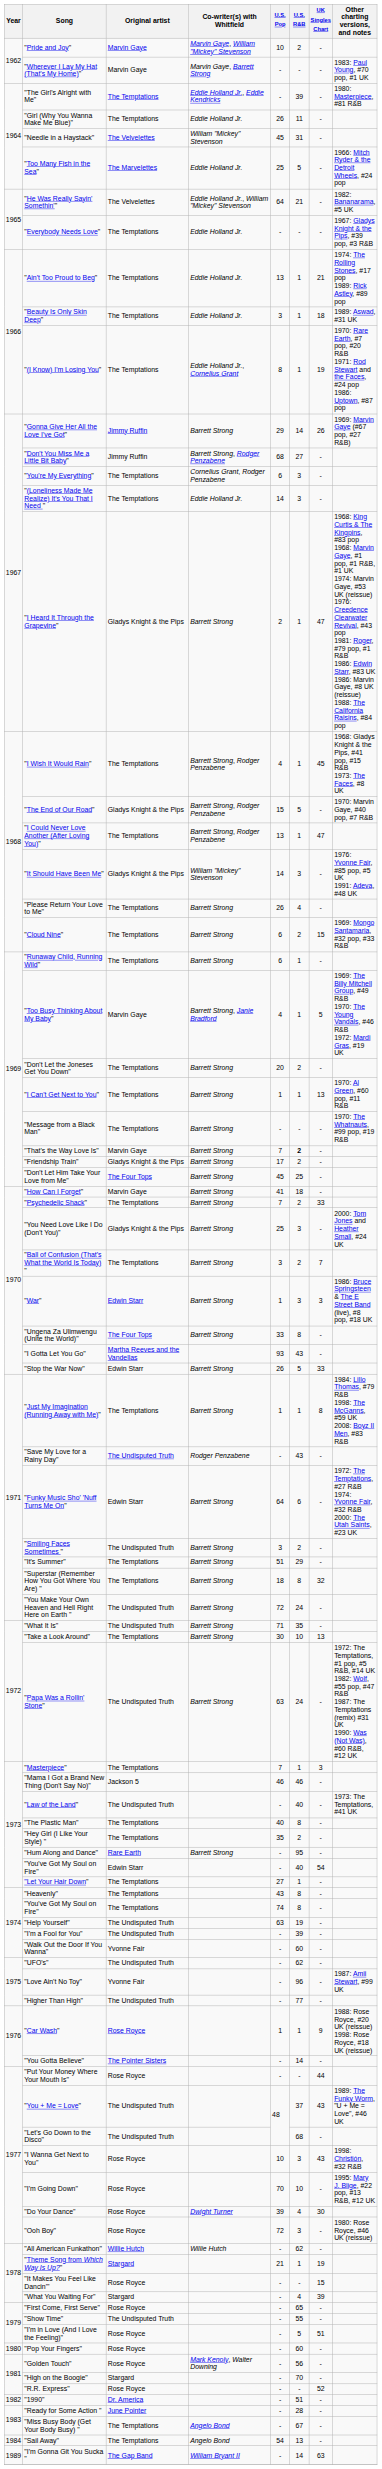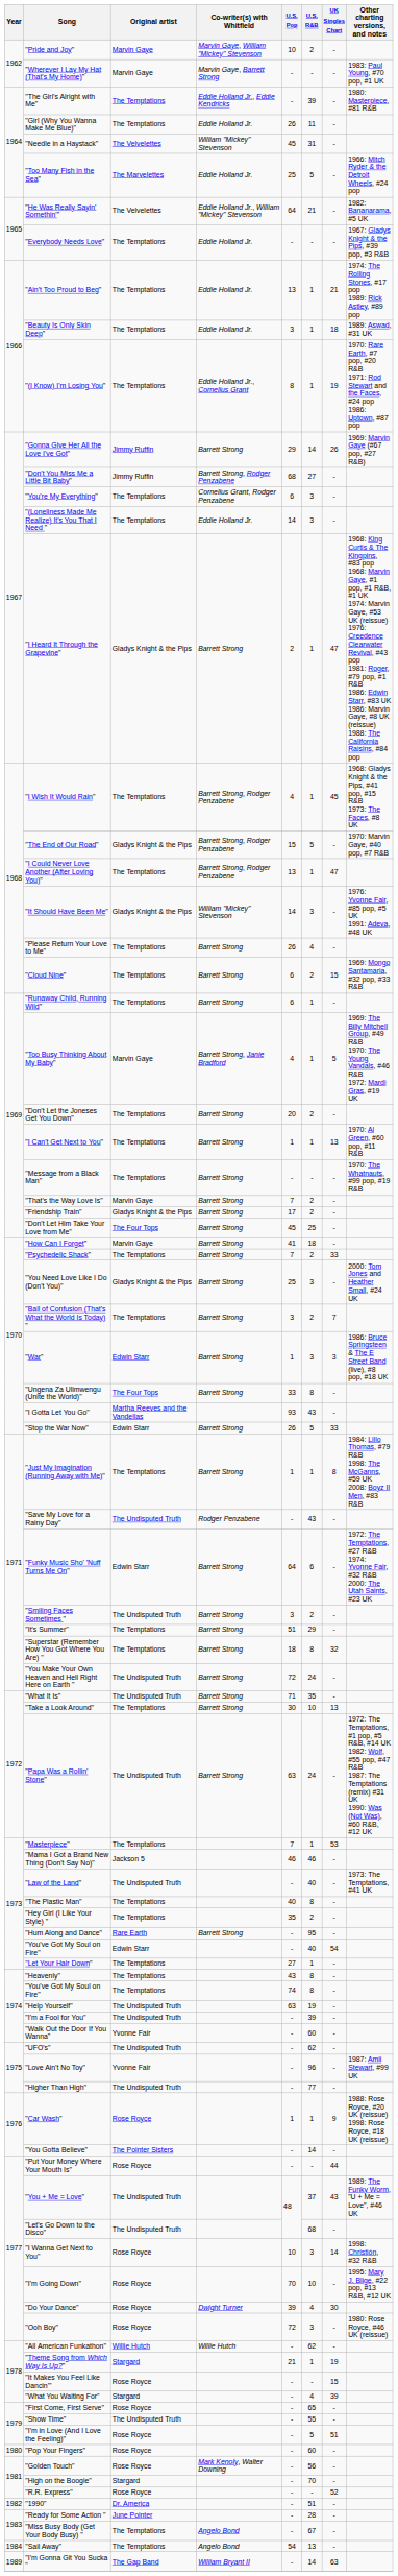 <table class="wikitable">
 <tr>
 <th>Year</th>
 <th width="210">Song</th>
 <th width="210">Original artist</th>
 <th width="210">Co-writer(s) with Whitfield</th>
 <th width="40"><sup><a href='#'>U.S. Pop</a></sup></th>
 <th width="40"><sup><a href='#'>U.S. R&B</a></sup></th>
 <th width="40"><sup><a href='#'>UK Singles Chart</a></sup></th>
 <th>Other charting versions, and notes</th>
 </tr>
 <tr>
 <td rowspan="2">1962</td>
 <td>"<a href='#'>Pride and Joy</a>"</td>
 <td><a href='#'>Marvin Gaye</a></td>
 <td><em><a href='#'>Marvin Gaye</a></em>, <em><a href='#'>William "Mickey" Stevenson</a></em></td>
 <td align="center">10</td>
 <td align="center">2</td>
 <td align="center">-</td>
 <td></td>
 </tr>
 <tr>
 <td>"<a href='#'>Wherever I Lay My Hat (That's My Home)</a>"</td>
 <td>Marvin Gaye</td>
 <td><em>Marvin Gaye</em>, <em><a href='#'>Barrett Strong</a></em></td>
 <td align="center">-</td>
 <td align="center">-</td>
 <td align="center">-</td>
 <td>1983: <a href='#'>Paul Young</a>, #70 pop, #1 UK</td>
 </tr>
 <tr>
 <td rowspan="4">1964</td>
 <td>"The Girl's Alright with Me"</td>
 <td><a href='#'>The Temptations</a></td>
 <td><em><a href='#'>Eddie Holland Jr.</a></em>, <em><a href='#'>Eddie Kendricks</a></em></td>
 <td align="center">-</td>
 <td align="center">39</td>
 <td align="center">-</td>
 <td>1980: <a href='#'>Masterpiece</a>, #81 R&B</td>
 </tr>
 <tr>
 <td>"Girl (Why You Wanna Make Me Blue)"</td>
 <td>The Temptations</td>
 <td><em>Eddie Holland Jr.</em></td>
 <td align="center">26</td>
 <td align="center">11</td>
 <td align="center">-</td>
 <td></td>
 </tr>
 <tr>
 <td>"Needle in a Haystack"</td>
 <td><a href='#'>The Velvelettes</a></td>
 <td><em>William "Mickey" Stevenson</em></td>
 <td align="center">45</td>
 <td align="center">31</td>
 <td align="center">-</td>
 <td></td>
 </tr>
 <tr>
 <td>"<a href='#'>Too Many Fish in the Sea</a>"</td>
 <td><a href='#'>The Marvelettes</a></td>
 <td><em>Eddie Holland Jr.</em></td>
 <td align="center">25</td>
 <td align="center">5</td>
 <td align="center">-</td>
 <td>1966: <a href='#'>Mitch Ryder & the Detroit Wheels</a>, #24 pop</td>
 </tr>
 <tr>
 <td rowspan="2">1965</td>
 <td>"<a href='#'>He Was Really Sayin' Somethin'</a>"</td>
 <td>The Velvelettes</td>
 <td><em>Eddie Holland Jr.</em>, <em>William "Mickey" Stevenson</em></td>
 <td align="center">64</td>
 <td align="center">21</td>
 <td align="center">-</td>
 <td>1982: <a href='#'>Bananarama</a>, #5 UK</td>
 </tr>
 <tr>
 <td>"<a href='#'>Everybody Needs Love</a>"</td>
 <td>The Temptations</td>
 <td><em>Eddie Holland Jr.</em></td>
 <td align="center">-</td>
 <td align="center">-</td>
 <td align="center">-</td>
 <td>1967: <a href='#'>Gladys Knight & the Pips</a>, #39 pop, #3 R&B</td>
 </tr>
 <tr>
 <td rowspan="3">1966</td>
 <td>"<a href='#'>Ain't Too Proud to Beg</a>"</td>
 <td>The Temptations</td>
 <td><em>Eddie Holland Jr.</em></td>
 <td align="center">13</td>
 <td align="center">1</td>
 <td align="center">21</td>
 <td>1974: <a href='#'>The Rolling Stones</a>, #17 pop<br>1989: <a href='#'>Rick Astley</a>, #89 pop</td>
 </tr>
 <tr>
 <td>"<a href='#'>Beauty Is Only Skin Deep</a>"</td>
 <td>The Temptations</td>
 <td><em>Eddie Holland Jr.</em></td>
 <td align="center">3</td>
 <td align="center">1</td>
 <td align="center">18</td>
 <td>1989: <a href='#'>Aswad</a>, #31 UK</td>
 </tr>
 <tr>
 <td>"<a href='#'>(I Know) I'm Losing You</a>"</td>
 <td>The Temptations</td>
 <td><em>Eddie Holland Jr.</em>, <em><a href='#'>Cornelius Grant</a></em></td>
 <td align="center">8</td>
 <td align="center">1</td>
 <td align="center">19</td>
 <td>1970: <a href='#'>Rare Earth</a>, #7 pop, #20 R&B<br>1971: <a href='#'>Rod Stewart</a> and <a href='#'>the Faces</a>, #24 pop<br>1986: <a href='#'>Uptown</a>, #87 pop</td>
 </tr>
 <tr>
 <td rowspan="5">1967</td>
 <td>"<a href='#'>Gonna Give Her All the Love I've Got</a>"</td>
 <td><a href='#'>Jimmy Ruffin</a></td>
 <td><em>Barrett Strong</em></td>
 <td align="center">29</td>
 <td align="center">14</td>
 <td align="center">26</td>
 <td>1969: <a href='#'>Marvin Gaye</a> (#67 pop, #27 R&B)</td>
 </tr>
 <tr>
 <td>"<a href='#'>Don't You Miss Me a Little Bit Baby</a>"</td>
 <td>Jimmy Ruffin</td>
 <td><em>Barrett Strong</em>, <em><a href='#'>Rodger Penzabene</a></em></td>
 <td align="center">68</td>
 <td align="center">27</td>
 <td align="center">-</td>
 <td></td>
 </tr>
 <tr>
 <td>"<a href='#'>You're My Everything</a>"</td>
 <td>The Temptations</td>
 <td><em>Cornelius Grant</em>, <em>Rodger Penzabene</em></td>
 <td align="center">6</td>
 <td align="center">3</td>
 <td align="center">-</td>
 <td></td>
 </tr>
 <tr>
 <td>"<a href='#'>(Loneliness Made Me Realize) It's You That I Need </a>"</td>
 <td>The Temptations</td>
 <td><em>Eddie Holland Jr.</em></td>
 <td align="center">14</td>
 <td align="center">3</td>
 <td align="center">-</td>
 <td></td>
 </tr>
 <tr>
 <td>"<a href='#'>I Heard It Through the Grapevine</a>"</td>
 <td>Gladys Knight & the Pips</td>
 <td><em>Barrett Strong</em></td>
 <td align="center">2</td>
 <td align="center">1</td>
 <td align="center">47</td>
 <td>1968: <a href='#'>King Curtis & The Kingpins</a>, #83 pop<br>1968: <a href='#'>Marvin Gaye</a>, #1 pop, #1 R&B, #1 UK<br>1974: Marvin Gaye, #53 UK (reissue)<br>1976: <a href='#'>Creedence Clearwater Revival</a>, #43 pop<br>1981: <a href='#'>Roger</a>, #79 pop, #1 R&B<br>1986: <a href='#'>Edwin Starr</a>, #83 UK<br>1986: Marvin Gaye, #8 UK (reissue)<br>1988: <a href='#'>The California Raisins</a>, #84 pop</td>
 </tr>
 <tr>
 <td rowspan="6">1968</td>
 <td>"<a href='#'>I Wish It Would Rain</a>"</td>
 <td>The Temptations</td>
 <td><em>Barrett Strong</em>, <em>Rodger Penzabene</em></td>
 <td align="center">4</td>
 <td align="center">1</td>
 <td align="center">45</td>
 <td>1968: Gladys Knight & the Pips, #41 pop, #15 R&B<br>1973: <a href='#'>The Faces</a>, #8 UK</td>
 </tr>
 <tr>
 <td>"<a href='#'>The End of Our Road</a>"</td>
 <td>Gladys Knight & the Pips</td>
 <td><em>Barrett Strong</em>, <em>Rodger Penzabene</em></td>
 <td align="center">15</td>
 <td align="center">5</td>
 <td align="center">-</td>
 <td>1970: Marvin Gaye, #40 pop, #7 R&B</td>
 </tr>
 <tr>
 <td>"<a href='#'>I Could Never Love Another (After Loving You)</a>"</td>
 <td>The Temptations</td>
 <td><em>Barrett Strong</em>, <em>Rodger Penzabene</em></td>
 <td align="center">13</td>
 <td align="center">1</td>
 <td align="center">47</td>
 <td></td>
 </tr>
 <tr>
 <td>"<a href='#'>It Should Have Been Me</a>"</td>
 <td>Gladys Knight & the Pips</td>
 <td><em>William "Mickey" Stevenson</em></td>
 <td align="center">14</td>
 <td align="center">3</td>
 <td align="center">-</td>
 <td>1976: <a href='#'>Yvonne Fair</a>, #85 pop, #5 UK<br>1991: <a href='#'>Adeva</a>, #48 UK</td>
 </tr>
 <tr>
 <td>"Please Return Your Love to Me"</td>
 <td>The Temptations</td>
 <td><em>Barrett Strong</em></td>
 <td align="center">26</td>
 <td align="center">4</td>
 <td align="center">-</td>
 <td></td>
 </tr>
 <tr>
 <td>"<a href='#'>Cloud Nine</a>"</td>
 <td>The Temptations</td>
 <td><em>Barrett Strong</em></td>
 <td align="center">6</td>
 <td align="center">2</td>
 <td align="center">15</td>
 <td>1969: <a href='#'>Mongo Santamaria</a>, #32 pop, #33 R&B</td>
 </tr>
 <tr>
 <td rowspan="8">1969</td>
 <td>"<a href='#'>Runaway Child, Running Wild</a>"</td>
 <td>The Temptations</td>
 <td><em>Barrett Strong</em></td>
 <td align="center">6</td>
 <td align="center">1</td>
 <td align="center">-</td>
 <td></td>
 </tr>
 <tr>
 <td>"<a href='#'>Too Busy Thinking About My Baby</a>"</td>
 <td>Marvin Gaye</td>
 <td><em>Barrett Strong</em>, <em><a href='#'>Janie Bradford</a></em></td>
 <td align="center">4</td>
 <td align="center">1</td>
 <td align="center">5</td>
 <td>1969: <a href='#'>The Billy Mitchell Group</a>, #49 R&B<br>1970: <a href='#'>The Young Vandals</a>, #46 R&B<br>1972: <a href='#'>Mardi Gras</a>, #19 UK</td>
 </tr>
 <tr>
 <td>"Don't Let the Joneses Get You Down"</td>
 <td>The Temptations</td>
 <td><em>Barrett Strong</em></td>
 <td align="center">20</td>
 <td align="center">2</td>
 <td align="center">-</td>
 <td></td>
 </tr>
 <tr>
 <td>"<a href='#'>I Can't Get Next to You</a>"</td>
 <td>The Temptations</td>
 <td><em>Barrett Strong</em></td>
 <td align="center">1</td>
 <td align="center">1</td>
 <td align="center">13</td>
 <td>1970: <a href='#'>Al Green</a>, #60 pop, #11 R&B</td>
 </tr>
 <tr>
 <td>"Message from a Black Man"</td>
 <td>The Temptations</td>
 <td><em>Barrett Strong</em></td>
 <td align="center">-</td>
 <td align="center">-</td>
 <td align="center">-</td>
 <td>1970: <a href='#'>The Whatnauts</a>, #99 pop, #19 R&B</td>
 </tr>
 <tr>
 <td>"That's the Way Love Is"</td>
 <td>Marvin Gaye</td>
 <td><em>Barrett Strong</em></td>
 <td align="center">7</td>
-<td align="center"><strong>2</strong></td>
+<td align="center">2</td>
 <td align="center">-</td>
 <td></td>
 </tr>
 <tr>
 <td>"Friendship Train"</td>
 <td>Gladys Knight & the Pips</td>
 <td><em>Barrett Strong</em></td>
 <td align="center">17</td>
 <td align="center">2</td>
 <td align="center">-</td>
 <td></td>
 </tr>
 <tr>
 <td>"Don't Let Him Take Your Love from Me"</td>
 <td><a href='#'>The Four Tops</a></td>
 <td><em>Barrett Strong</em></td>
 <td align="center">45</td>
 <td align="center">25</td>
 <td align="center">-</td>
 <td></td>
 </tr>
 <tr>
 <td rowspan="8">1970</td>
 <td>"<a href='#'>How Can I Forget</a>"</td>
 <td>Marvin Gaye</td>
 <td><em>Barrett Strong</em></td>
 <td align="center">41</td>
 <td align="center">18</td>
 <td align="center">-</td>
 <td></td>
 </tr>
 <tr>
 <td>"<a href='#'>Psychedelic Shack</a>"</td>
 <td>The Temptations</td>
 <td><em>Barrett Strong</em></td>
 <td align="center">7</td>
 <td align="center">2</td>
 <td align="center">33</td>
 <td></td>
 </tr>
 <tr>
 <td>"You Need Love Like I Do (Don't You)"</td>
 <td>Gladys Knight & the Pips</td>
 <td><em>Barrett Strong</em></td>
 <td align="center">25</td>
 <td align="center">3</td>
 <td align="center">-</td>
 <td>2000: <a href='#'>Tom Jones</a> and <a href='#'>Heather Small</a>, #24 UK</td>
 </tr>
 <tr>
 <td>"<a href='#'>Ball of Confusion (That's What the World Is Today) </a>"</td>
 <td>The Temptations</td>
 <td><em>Barrett Strong</em></td>
 <td align="center">3</td>
 <td align="center">2</td>
 <td align="center">7</td>
 <td></td>
 </tr>
 <tr>
 <td>"<a href='#'>War</a>"</td>
 <td><a href='#'>Edwin Starr</a></td>
 <td><em>Barrett Strong</em></td>
 <td align="center">1</td>
 <td align="center">3</td>
 <td align="center">3</td>
 <td>1986: <a href='#'>Bruce Springsteen</a> & <a href='#'>The E Street Band</a> (live), #8 pop, #18 UK</td>
 </tr>
 <tr>
 <td>"Ungena Za Ulimwengu (Unite the World)"</td>
 <td><a href='#'>The Four Tops</a></td>
 <td><em>Barrett Strong</em></td>
 <td align="center">33</td>
 <td align="center">8</td>
 <td align="center">-</td>
 <td></td>
 </tr>
 <tr>
 <td>"I Gotta Let You Go"</td>
 <td><a href='#'>Martha Reeves and the Vandellas</a></td>
 <td></td>
 <td align="center">93</td>
 <td align="center">43</td>
 <td align="center">-</td>
 <td></td>
 </tr>
 <tr>
 <td>"Stop the War Now"</td>
 <td>Edwin Starr</td>
 <td><em>Barrett Strong</em></td>
 <td align="center">26</td>
 <td align="center">5</td>
 <td align="center">33</td>
 <td></td>
 </tr>
 <tr>
 <td rowspan="7">1971</td>
 <td>"<a href='#'>Just My Imagination (Running Away with Me)</a>"</td>
 <td>The Temptations</td>
 <td><em>Barrett Strong</em></td>
 <td align="center">1</td>
 <td align="center">1</td>
 <td align="center">8</td>
 <td>1984: <a href='#'>Lillo Thomas</a>, #79 R&B<br>1998: <a href='#'>The McGanns</a>, #59 UK<br>2008: <a href='#'>Boyz II Men</a>, #83 R&B</td>
 </tr>
 <tr>
 <td>"Save My Love for a Rainy Day"</td>
 <td><a href='#'>The Undisputed Truth</a></td>
 <td><em>Rodger Penzabene</em></td>
 <td align="center">-</td>
 <td align="center">43</td>
 <td align="center">-</td>
 <td></td>
 </tr>
 <tr>
 <td>"<a href='#'>Funky Music Sho' 'Nuff Turns Me On</a>"</td>
 <td>Edwin Starr</td>
 <td><em>Barrett Strong</em></td>
 <td align="center">64</td>
 <td align="center">6</td>
 <td align="center">-</td>
 <td>1972: <a href='#'>The Temptations</a>, #27 R&B<br>1974: <a href='#'>Yvonne Fair</a>, #32 R&B<br>2000: <a href='#'>The Utah Saints</a>, #23 UK</td>
 </tr>
 <tr>
 <td>"<a href='#'>Smiling Faces Sometimes </a>"</td>
 <td>The Undisputed Truth</td>
 <td><em>Barrett Strong</em></td>
 <td align="center">3</td>
 <td align="center">2</td>
 <td align="center">-</td>
 <td></td>
 </tr>
 <tr>
 <td>"It's Summer"</td>
 <td>The Temptations</td>
 <td><em>Barrett Strong</em></td>
 <td align="center">51</td>
 <td align="center">29</td>
 <td align="center">-</td>
 <td></td>
 </tr>
 <tr>
 <td>"Superstar (Remember How You Got Where You Are) "</td>
 <td>The Temptations</td>
 <td><em>Barrett Strong</em></td>
 <td align="center">18</td>
 <td align="center">8</td>
 <td align="center">32</td>
 <td></td>
 </tr>
 <tr>
 <td>"You Make Your Own Heaven and Hell Right Here on Earth "</td>
 <td>The Undisputed Truth</td>
 <td><em>Barrett Strong</em></td>
 <td align="center">72</td>
 <td align="center">24</td>
 <td align="center">-</td>
 <td></td>
 </tr>
 <tr>
 <td rowspan="3">1972</td>
 <td>"What It Is"</td>
 <td>The Undisputed Truth</td>
 <td><em>Barrett Strong</em></td>
 <td align="center">71</td>
 <td align="center">35</td>
 <td align="center">-</td>
 <td></td>
 </tr>
 <tr>
 <td>"Take a Look Around"</td>
 <td>The Temptations</td>
 <td><em>Barrett Strong</em></td>
 <td align="center">30</td>
 <td align="center">10</td>
 <td align="center">13</td>
 <td></td>
 </tr>
 <tr>
 <td>"<a href='#'>Papa Was a Rollin' Stone</a>"</td>
 <td>The Undisputed Truth</td>
 <td><em>Barrett Strong</em></td>
 <td align="center">63</td>
 <td align="center">24</td>
 <td align="center">-</td>
 <td>1972: The Temptations, #1 pop, #5 R&B, #14 UK<br>1982: <a href='#'>Wolf</a>, #55 pop, #47 R&B<br>1987: The Temptations (remix) #31 UK<br>1990: <a href='#'>Was (Not Was)</a>, #60 R&B, #12 UK</td>
 </tr>
 <tr>
 <td rowspan="8">1973</td>
 <td>"<a href='#'>Masterpiece</a>"</td>
 <td>The Temptations</td>
 <td></td>
 <td align="center">7</td>
 <td align="center">1</td>
-<td align="center">3</td>
+<td align="center">53</td>
 <td></td>
 </tr>
 <tr>
 <td>"Mama I Got a Brand New Thing (Don't Say No)"</td>
 <td>Jackson 5</td>
 <td></td>
 <td align="center">46</td>
 <td align="center">46</td>
 <td align="center">-</td>
 <td></td>
 </tr>
 <tr>
 <td>"<a href='#'>Law of the Land</a>"</td>
 <td>The Undisputed Truth</td>
 <td></td>
 <td align="center">-</td>
 <td align="center">40</td>
 <td align="center">-</td>
 <td>1973: The Temptations, #41 UK</td>
 </tr>
 <tr>
 <td>"The Plastic Man"</td>
 <td>The Temptations</td>
 <td></td>
 <td align="center">40</td>
 <td align="center">8</td>
 <td align="center">-</td>
 <td></td>
 </tr>
 <tr>
 <td>"Hey Girl (I Like Your Style) "</td>
 <td>The Temptations</td>
 <td></td>
 <td align="center">35</td>
 <td align="center">2</td>
 <td align="center">-</td>
 <td></td>
 </tr>
 <tr>
 <td>"Hum Along and Dance"</td>
 <td><a href='#'>Rare Earth</a></td>
 <td><em>Barrett Strong</em></td>
 <td align="center">-</td>
 <td align="center">95</td>
 <td align="center">-</td>
 <td></td>
 </tr>
 <tr>
 <td>"You've Got My Soul on Fire"</td>
 <td>Edwin Starr</td>
 <td></td>
 <td align="center">-</td>
 <td align="center">40</td>
 <td align="center">54</td>
 <td></td>
 </tr>
 <tr>
 <td><a href='#'>"Let Your Hair Down</a>"</td>
 <td>The Temptations</td>
 <td></td>
 <td align="center">27</td>
 <td align="center">1</td>
 <td align="center">-</td>
 <td></td>
 </tr>
 <tr>
 <td rowspan="5">1974</td>
 <td>"Heavenly"</td>
 <td>The Temptations</td>
 <td></td>
 <td align="center">43</td>
 <td align="center">8</td>
 <td align="center">-</td>
 <td></td>
 </tr>
 <tr>
 <td>"You've Got My Soul on Fire"</td>
 <td>The Temptations</td>
 <td></td>
 <td align="center">74</td>
 <td align="center">8</td>
 <td align="center">-</td>
 <td></td>
 </tr>
 <tr>
 <td>"Help Yourself"</td>
 <td>The Undisputed Truth</td>
 <td></td>
 <td align="center">63</td>
 <td align="center">19</td>
 <td align="center">-</td>
 <td></td>
 </tr>
 <tr>
 <td>"I'm a Fool for You"</td>
 <td>The Undisputed Truth</td>
 <td></td>
 <td align="center">-</td>
 <td align="center">39</td>
 <td align="center">-</td>
 <td></td>
 </tr>
 <tr>
 <td>"Walk Out the Door If You Wanna"</td>
 <td>Yvonne Fair</td>
 <td></td>
 <td align="center">-</td>
 <td align="center">60</td>
 <td align="center">-</td>
 <td></td>
 </tr>
 <tr>
 <td rowspan="3">1975</td>
 <td>"UFO's"</td>
 <td>The Undisputed Truth</td>
 <td></td>
 <td align="center">-</td>
 <td align="center">62</td>
 <td align="center">-</td>
 <td></td>
 </tr>
 <tr>
 <td>"Love Ain't No Toy"</td>
 <td>Yvonne Fair</td>
 <td></td>
 <td align="center">-</td>
 <td align="center">96</td>
 <td align="center">-</td>
 <td>1987: <a href='#'>Amii Stewart</a>, #99 UK</td>
 </tr>
 <tr>
 <td>"Higher Than High"</td>
 <td>The Undisputed Truth</td>
 <td></td>
 <td align="center">-</td>
 <td align="center">77</td>
 <td align="center">-</td>
 <td></td>
 </tr>
 <tr>
 <td rowspan="2">1976</td>
 <td>"<a href='#'>Car Wash</a>"</td>
 <td><a href='#'>Rose Royce</a></td>
 <td></td>
 <td align="center">1</td>
 <td align="center">1</td>
 <td align="center">9</td>
 <td>1988: Rose Royce, #20 UK (reissue)<br>1998: Rose Royce, #18 UK (reissue)</td>
 </tr>
 <tr>
 <td>"You Gotta Believe"</td>
 <td><a href='#'>The Pointer Sisters</a></td>
 <td></td>
 <td align="center">-</td>
 <td align="center">14</td>
 <td align="center">-</td>
 <td></td>
 </tr>
 <tr>
 <td rowspan="7">1977</td>
 <td>"Put Your Money Where Your Mouth Is"</td>
 <td>Rose Royce</td>
 <td></td>
 <td align="center">-</td>
 <td align="center">-</td>
 <td align="center">44</td>
 <td></td>
 </tr>
 <tr>
 <td>"<a href='#'>You + Me = Love</a>"</td>
 <td>The Undisputed Truth</td>
 <td></td>
 <td rowspan="2">48</td>
 <td align="center">37</td>
 <td align="center">43</td>
 <td>1989: <a href='#'>The Funky Worm</a>, "U + Me = Love", #46 UK</td>
 </tr>
 <tr>
 <td>"Let's Go Down to the Disco"</td>
 <td>The Undisputed Truth</td>
 <td></td>
 <td align="center">68</td>
 <td align="center">-</td>
 <td></td>
 </tr>
 <tr>
 <td>"I Wanna Get Next to You"</td>
 <td>Rose Royce</td>
 <td></td>
 <td align="center">10</td>
 <td align="center">3</td>
-<td align="center">43</td>
+<td align="center">14</td>
 <td>1998: <a href='#'>Christión</a>, #32 R&B</td>
 </tr>
 <tr>
 <td>"I'm Going Down"</td>
 <td>Rose Royce</td>
 <td></td>
 <td align="center">70</td>
 <td align="center">10</td>
 <td align="center">-</td>
 <td>1995: <a href='#'>Mary J. Blige</a>, #22 pop, #13 R&B, #12 UK</td>
 </tr>
 <tr>
 <td>"Do Your Dance"</td>
 <td>Rose Royce</td>
 <td><em><a href='#'>Dwight Turner</a></em></td>
 <td align="center">39</td>
 <td align="center">4</td>
 <td align="center">30</td>
 <td></td>
 </tr>
 <tr>
 <td>"Ooh Boy"</td>
 <td>Rose Royce</td>
 <td></td>
 <td align="center">72</td>
 <td align="center">3</td>
 <td align="center">-</td>
 <td>1980: Rose Royce, #46 UK (reissue)</td>
 </tr>
 <tr>
 <td rowspan="4">1978</td>
 <td>"All American Funkathon"</td>
 <td><a href='#'>Willie Hutch</a></td>
 <td><em>Willie Hutch</em></td>
 <td align="center">-</td>
 <td align="center">62</td>
 <td align="center">-</td>
 <td></td>
 </tr>
 <tr>
 <td>"<a href='#'>Theme Song from <em>Which Way Is Up?</em></a>"</td>
 <td><a href='#'>Stargard</a></td>
 <td></td>
 <td align="center">21</td>
 <td align="center">1</td>
 <td align="center">19</td>
 <td></td>
 </tr>
 <tr>
 <td>"It Makes You Feel Like Dancin'"</td>
 <td>Rose Royce</td>
 <td></td>
 <td align="center">-</td>
 <td align="center">-</td>
 <td align="center">15</td>
 <td></td>
 </tr>
 <tr>
 <td>"What You Waiting For"</td>
 <td>Stargard</td>
 <td></td>
 <td align="center">-</td>
 <td align="center">4</td>
 <td align="center">39</td>
 <td></td>
 </tr>
 <tr>
 <td rowspan="3">1979</td>
 <td>"First Come, First Serve"</td>
 <td>Rose Royce</td>
 <td></td>
 <td align="center">-</td>
 <td align="center">65</td>
 <td align="center">-</td>
 <td></td>
 </tr>
 <tr>
 <td>"Show Time"</td>
 <td>The Undisputed Truth</td>
 <td></td>
 <td align="center">-</td>
 <td align="center">55</td>
 <td align="center">-</td>
 <td></td>
 </tr>
 <tr>
 <td>"I'm in Love (And I Love the Feeling)"</td>
 <td>Rose Royce</td>
 <td></td>
 <td align="center">-</td>
 <td align="center">5</td>
 <td align="center">51</td>
 <td></td>
 </tr>
 <tr>
 <td rowspan="1">1980</td>
 <td>"Pop Your Fingers"</td>
 <td>Rose Royce</td>
 <td></td>
 <td align="center">-</td>
 <td align="center">60</td>
 <td align="center">-</td>
 <td></td>
 </tr>
 <tr>
 <td rowspan="3">1981</td>
 <td>"Golden Touch"</td>
 <td>Rose Royce</td>
 <td><em><a href='#'>Mark Kenoly</a></em>, <em>Walter Downing</em></td>
 <td align="center">-</td>
 <td align="center">56</td>
 <td align="center">-</td>
 <td></td>
 </tr>
 <tr>
 <td>"High on the Boogie"</td>
 <td>Stargard</td>
 <td></td>
 <td align="center">-</td>
 <td align="center">70</td>
 <td align="center">-</td>
 <td></td>
 </tr>
 <tr>
 <td>"R.R. Express"</td>
 <td>Rose Royce</td>
 <td></td>
 <td align="center">-</td>
 <td align="center">-</td>
 <td align="center">52</td>
 <td></td>
 </tr>
 <tr>
 <td rowspan="1">1982</td>
 <td>"1990"</td>
 <td><a href='#'>Dr. America</a></td>
 <td></td>
 <td align="center">-</td>
 <td align="center">51</td>
 <td align="center">-</td>
 <td></td>
 </tr>
 <tr>
 <td rowspan="2">1983</td>
 <td>"Ready for Some Action "</td>
 <td><a href='#'>June Pointer</a></td>
 <td></td>
 <td align="center">-</td>
 <td align="center">28</td>
 <td align="center">-</td>
 <td></td>
 </tr>
 <tr>
 <td>"Miss Busy Body (Get Your Body Busy) "</td>
 <td>The Temptations</td>
 <td><em><a href='#'>Angelo Bond</a></em></td>
 <td align="center">-</td>
 <td align="center">67</td>
 <td align="center">-</td>
 <td></td>
 </tr>
 <tr>
 <td rowspan="1">1984</td>
 <td>"Sail Away"</td>
 <td>The Temptations</td>
 <td><em>Angelo Bond</em></td>
 <td align="center">54</td>
 <td align="center">13</td>
 <td align="center">-</td>
 <td></td>
 </tr>
 <tr>
 <td rowspan="1">1989</td>
 <td>"I'm Gonna Git You Sucka "</td>
 <td><a href='#'>The Gap Band</a></td>
 <td><em><a href='#'>William Bryant II</a></em></td>
 <td align="center">-</td>
 <td align="center">14</td>
 <td align="center">63</td>
 <td></td>
 </tr>
 <tr>
 </tr>
 </table>
